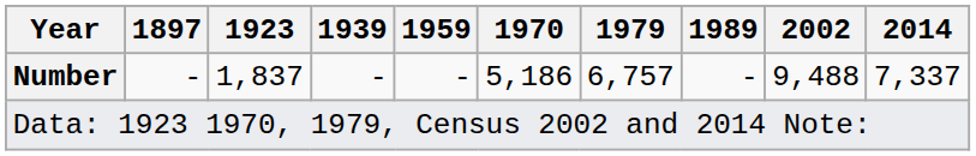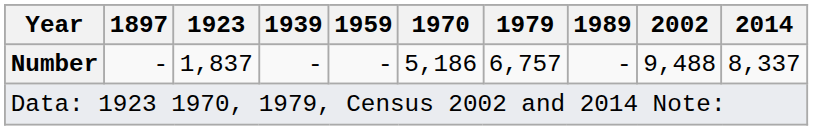 <table class="wikitable" style="text-align:right">
 <tr>
 <th>Year</th>
 <th>1897</th>
 <th>1923</th>
 <th>1939</th>
 <th>1959</th>
 <th>1970</th>
 <th>1979</th>
 <th>1989</th>
 <th>2002</th>
 <th>2014</th>
 </tr>
 <tr>
 <th>Number</th>
 <td>-</td>
 <td>1,837</td>
 <td>-</td>
 <td>-</td>
 <td> 5,186</td>
 <td> 6,757</td>
 <td>-</td>
 <td> 9,488</td>
-<td> 7,337</td>
+<td> 8,337</td>
 </tr>
 <tr>
 <td colspan=15 class="wikitable" style="align:left;text-align:left;background-color:#eaecf0">Data: 1923 1970, 1979, Census 2002 and 2014 Note:</td>
 </tr>
 </table>
